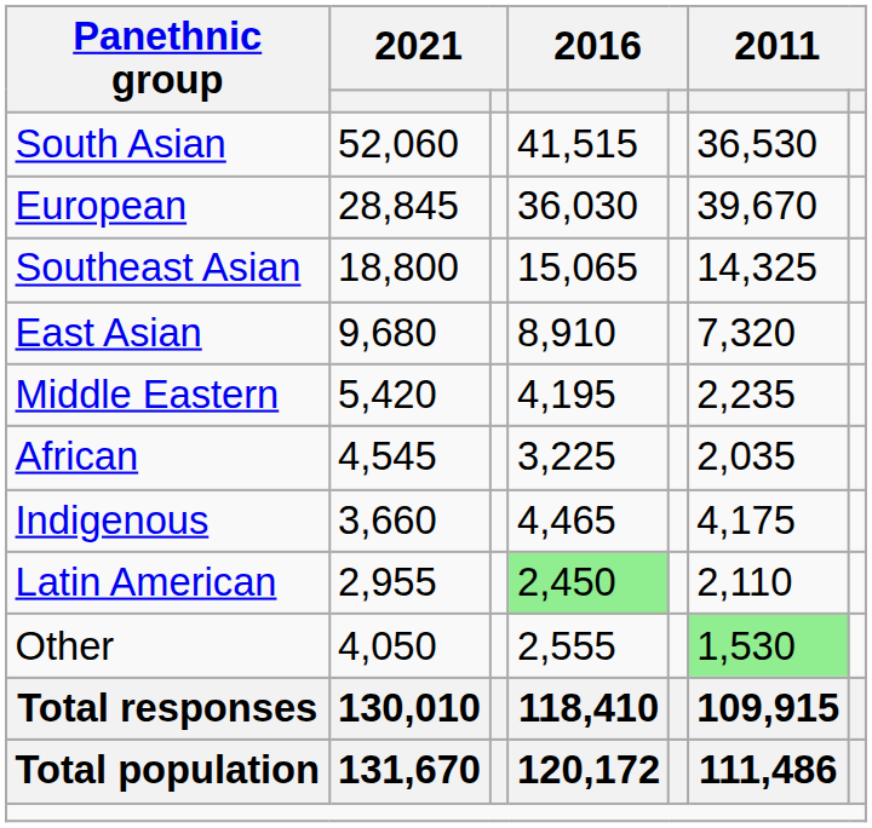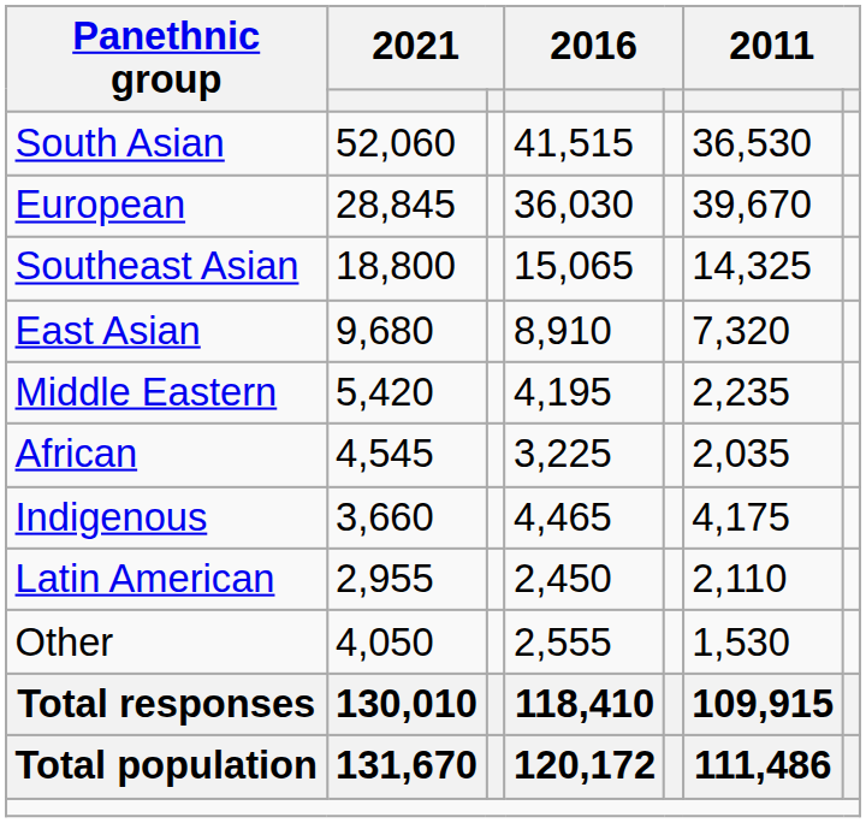 <table class="wikitable collapsible sortable">
 <tr>
 <th rowspan="2"><a href='#'>Panethnic</a><br>group</th>
 <th colspan="2">2021</th>
 <th colspan="2">2016</th>
 <th colspan="2">2011</th>
 </tr>
 <tr>
 <th><a href='#'></a></th>
 <th></th>
 <th></th>
 <th></th>
 <th></th>
 <th></th>
 </tr>
 <tr>
 <td><a href='#'>South Asian</a></td>
 <td>52,060</td>
 <td></td>
 <td>41,515</td>
 <td></td>
 <td>36,530</td>
 <td></td>
 </tr>
 <tr>
 <td><a href='#'>European</a></td>
 <td>28,845</td>
 <td></td>
 <td>36,030</td>
 <td></td>
 <td>39,670</td>
 <td></td>
 </tr>
 <tr>
 <td><a href='#'>Southeast Asian</a></td>
 <td>18,800</td>
 <td></td>
 <td>15,065</td>
 <td></td>
 <td>14,325</td>
 <td></td>
 </tr>
 <tr>
 <td><a href='#'>East Asian</a></td>
 <td>9,680</td>
 <td></td>
 <td>8,910</td>
 <td></td>
 <td>7,320</td>
 <td></td>
 </tr>
 <tr>
 <td><a href='#'>Middle Eastern</a></td>
 <td>5,420</td>
 <td></td>
 <td>4,195</td>
 <td></td>
 <td>2,235</td>
 <td></td>
 </tr>
 <tr>
 <td><a href='#'>African</a></td>
 <td>4,545</td>
 <td></td>
 <td>3,225</td>
 <td></td>
 <td>2,035</td>
 <td></td>
 </tr>
 <tr>
 <td><a href='#'>Indigenous</a></td>
 <td>3,660</td>
 <td></td>
 <td>4,465</td>
 <td></td>
 <td>4,175</td>
 <td></td>
 </tr>
 <tr>
 <td><a href='#'>Latin American</a></td>
 <td>2,955</td>
 <td></td>
-<td style="background: lightgreen;">2,450</td>
+<td>2,450</td>
 <td></td>
 <td>2,110</td>
 <td></td>
 </tr>
 <tr>
 <td>Other</td>
 <td>4,050</td>
 <td></td>
 <td>2,555</td>
 <td></td>
-<td style="background: lightgreen;">1,530</td>
+<td>1,530</td>
 <td></td>
 </tr>
 <tr>
 <th>Total responses</th>
 <th>130,010</th>
 <th></th>
 <th>118,410</th>
 <th></th>
 <th>109,915</th>
 <th></th>
 </tr>
 <tr>
 <th>Total population</th>
 <th>131,670</th>
 <th></th>
 <th>120,172</th>
 <th></th>
 <th>111,486</th>
 <th></th>
 </tr>
 <tr class="sortbottom">
 <td colspan="15"></td>
 </tr>
 </table>
